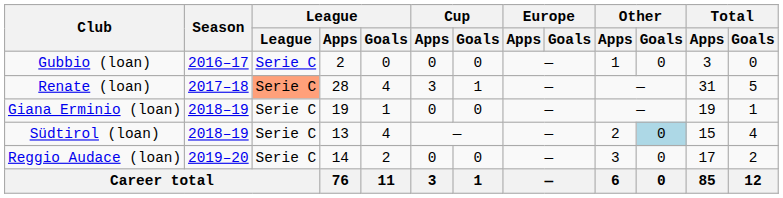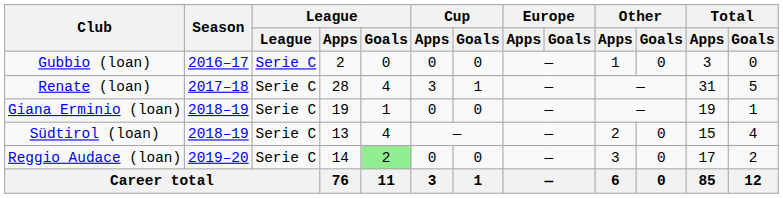 <table class="wikitable" style="text-align: center;">
 <tr>
 <th rowspan="2">Club</th>
 <th rowspan="2">Season</th>
 <th colspan="3">League</th>
 <th colspan="2">Cup</th>
 <th colspan="2">Europe</th>
 <th colspan="2">Other</th>
 <th colspan="2">Total</th>
 </tr>
 <tr>
 <th>League</th>
 <th>Apps</th>
 <th>Goals</th>
 <th>Apps</th>
 <th>Goals</th>
 <th>Apps</th>
 <th>Goals</th>
 <th>Apps</th>
 <th>Goals</th>
 <th>Apps</th>
 <th>Goals</th>
 </tr>
 <tr>
 <td><a href='#'>Gubbio</a> (loan)</td>
 <td><a href='#'>2016–17</a></td>
 <td><a href='#'>Serie C</a></td>
 <td>2</td>
 <td>0</td>
 <td>0</td>
 <td>0</td>
 <td colspan="2">—</td>
 <td>1</td>
 <td>0</td>
 <td>3</td>
 <td>0</td>
 </tr>
 <tr>
 <td><a href='#'>Renate</a> (loan)</td>
 <td><a href='#'>2017–18</a></td>
-<td style="background: lightsalmon;">Serie C</td>
+<td>Serie C</td>
 <td>28</td>
 <td>4</td>
 <td>3</td>
 <td>1</td>
 <td colspan="2">—</td>
 <td colspan="2">—</td>
 <td>31</td>
 <td>5</td>
 </tr>
 <tr>
 <td><a href='#'>Giana Erminio</a> (loan)</td>
 <td><a href='#'>2018–19</a></td>
 <td>Serie C</td>
 <td>19</td>
 <td>1</td>
 <td>0</td>
 <td>0</td>
 <td colspan="2">—</td>
 <td colspan="2">—</td>
 <td>19</td>
 <td>1</td>
 </tr>
 <tr>
 <td><a href='#'>Südtirol</a> (loan)</td>
 <td><a href='#'>2018–19</a></td>
 <td>Serie C</td>
 <td>13</td>
 <td>4</td>
 <td colspan="2">—</td>
 <td colspan="2">—</td>
 <td>2</td>
-<td style="background: lightblue;">0</td>
+<td>0</td>
 <td>15</td>
 <td>4</td>
 </tr>
 <tr>
 <td><a href='#'>Reggio Audace</a> (loan)</td>
 <td><a href='#'>2019–20</a></td>
 <td>Serie C</td>
 <td>14</td>
-<td>2</td>
+<td style="background: lightgreen;">2</td>
 <td>0</td>
 <td>0</td>
 <td colspan="2">—</td>
 <td>3</td>
 <td>0</td>
 <td>17</td>
 <td>2</td>
 </tr>
 <tr>
 <th colspan="3">Career total</th>
 <th>76</th>
 <th>11</th>
 <th>3</th>
 <th>1</th>
 <th colspan="2">—</th>
 <th>6</th>
 <th>0</th>
 <th>85</th>
 <th>12</th>
 </tr>
 </table>
